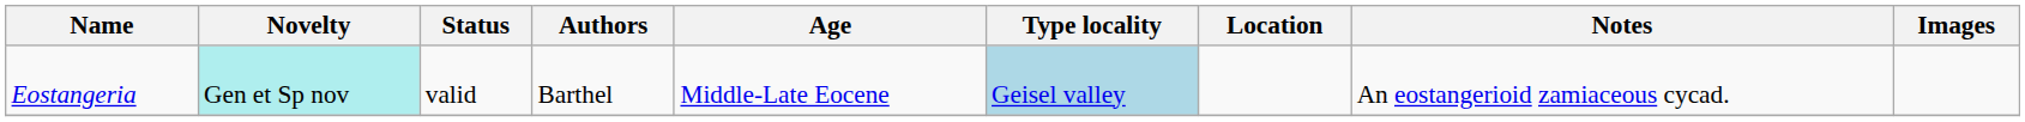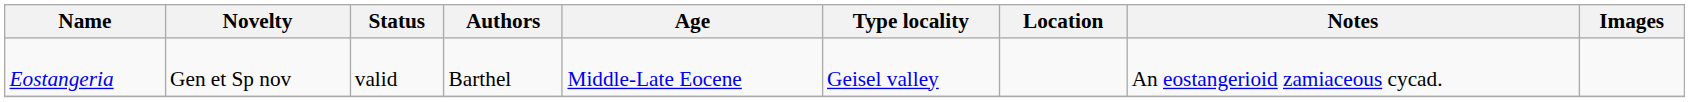 <table class="wikitable sortable" align="center" width="100%">
 <tr>
 <th>Name</th>
 <th>Novelty</th>
 <th>Status</th>
 <th>Authors</th>
 <th>Age</th>
 <th>Type locality</th>
 <th>Location</th>
 <th>Notes</th>
 <th>Images</th>
 </tr>
 <tr>
 <td><br><em><a href='#'>Eostangeria</a></em></td>
-<td style="background: paleturquoise;"><br>Gen et Sp nov</td>
+<td><br>Gen et Sp nov</td>
 <td><br>valid</td>
 <td><br>Barthel</td>
 <td><br><a href='#'>Middle-Late Eocene</a></td>
-<td style="background: lightblue;"><br><a href='#'>Geisel valley</a></td>
+<td><br><a href='#'>Geisel valley</a></td>
 <td><br></td>
 <td><br>An <a href='#'>eostangerioid</a> <a href='#'>zamiaceous</a> cycad.</td>
 <td></td>
 </tr>
 <tr>
 </tr>
 </table>
